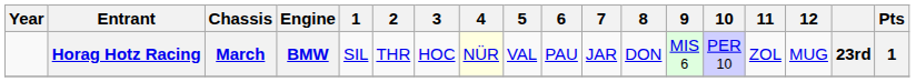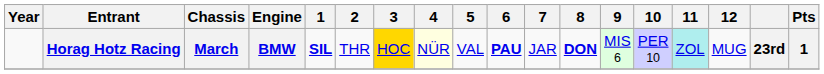 <table class="wikitable" style="text-align:center; font-size:90%">
 <tr>
 <th>Year</th>
 <th>Entrant</th>
 <th>Chassis</th>
 <th>Engine</th>
 <th>1</th>
 <th>2</th>
 <th>3</th>
 <th>4</th>
 <th>5</th>
 <th>6</th>
 <th>7</th>
 <th>8</th>
 <th>9</th>
 <th>10</th>
 <th>11</th>
 <th>12</th>
 <th></th>
 <th>Pts</th>
 </tr>
 <tr>
 <td></td>
 <th><a href='#'>Horag Hotz Racing</a></th>
 <th><a href='#'>March</a></th>
 <th><a href='#'>BMW</a></th>
-<td><a href='#'>SIL</a><br><small></small></td>
+<td><strong><a href='#'>SIL</a><br><small></small></strong></td>
 <td><a href='#'>THR</a><br><small></small></td>
-<td><a href='#'>HOC</a></td>
+<td style="background: gold;"><a href='#'>HOC</a></td>
 <td style="background: lightyellow;"><a href='#'>NÜR</a><br><small></small></td>
 <td><a href='#'>VAL</a><br><small></small></td>
-<td><a href='#'>PAU</a></td>
+<td><strong><a href='#'>PAU</a></strong></td>
 <td><a href='#'>JAR</a><br><small></small></td>
-<td><a href='#'>DON</a><br><small></small></td>
+<td><strong><a href='#'>DON</a><br><small></small></strong></td>
 <td style="background:#DFFFDF;"><a href='#'>MIS</a><br><small>6</small></td>
 <td style="background:#CFCFFF;"><a href='#'>PER</a><br><small>10</small></td>
-<td><a href='#'>ZOL</a><br><small></small></td>
+<td style="background: paleturquoise;"><a href='#'>ZOL</a><br><small></small></td>
 <td><a href='#'>MUG</a><br><small></small></td>
 <th>23rd</th>
 <th>1</th>
 </tr>
 <tr>
 </tr>
 </table>
